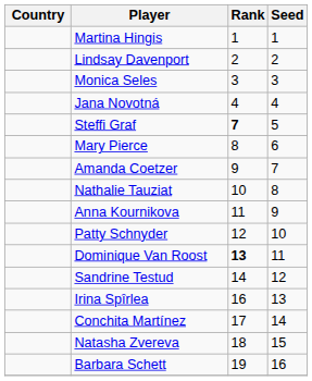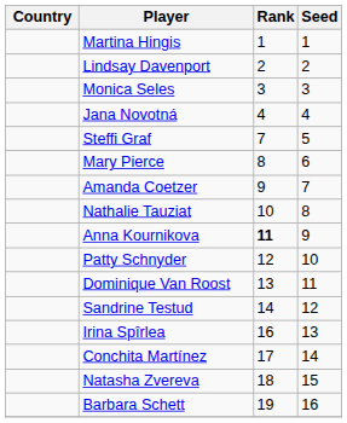 <table class="wikitable" border="1">
 <tr>
 <th width="70">Country</th>
 <th width="175">Player</th>
 <th>Rank</th>
 <th>Seed</th>
 </tr>
 <tr>
 <td></td>
 <td><a href='#'>Martina Hingis</a></td>
 <td>1</td>
 <td>1</td>
 </tr>
 <tr>
 <td></td>
 <td><a href='#'>Lindsay Davenport</a></td>
 <td>2</td>
 <td>2</td>
 </tr>
 <tr>
 <td></td>
 <td><a href='#'>Monica Seles</a></td>
 <td>3</td>
 <td>3</td>
 </tr>
 <tr>
 <td></td>
 <td><a href='#'>Jana Novotná</a></td>
 <td>4</td>
 <td>4</td>
 </tr>
 <tr>
 <td></td>
 <td><a href='#'>Steffi Graf</a></td>
-<td><strong>7</strong></td>
+<td>7</td>
 <td>5</td>
 </tr>
 <tr>
 <td></td>
 <td><a href='#'>Mary Pierce</a></td>
 <td>8</td>
 <td>6</td>
 </tr>
 <tr>
 <td></td>
 <td><a href='#'>Amanda Coetzer</a></td>
 <td>9</td>
 <td>7</td>
 </tr>
 <tr>
 <td></td>
 <td><a href='#'>Nathalie Tauziat</a></td>
 <td>10</td>
 <td>8</td>
 </tr>
 <tr>
 <td></td>
 <td><a href='#'>Anna Kournikova</a></td>
-<td>11</td>
+<td><strong>11</strong></td>
 <td>9</td>
 </tr>
 <tr>
 <td></td>
 <td><a href='#'>Patty Schnyder</a></td>
 <td>12</td>
 <td>10</td>
 </tr>
 <tr>
 <td></td>
 <td><a href='#'>Dominique Van Roost</a></td>
-<td><strong>13</strong></td>
+<td>13</td>
 <td>11</td>
 </tr>
 <tr>
 <td></td>
 <td><a href='#'>Sandrine Testud</a></td>
 <td>14</td>
 <td>12</td>
 </tr>
 <tr>
 <td></td>
 <td><a href='#'>Irina Spîrlea</a></td>
 <td>16</td>
 <td>13</td>
 </tr>
 <tr>
 <td></td>
 <td><a href='#'>Conchita Martínez</a></td>
 <td>17</td>
 <td>14</td>
 </tr>
 <tr>
 <td></td>
 <td><a href='#'>Natasha Zvereva</a></td>
 <td>18</td>
 <td>15</td>
 </tr>
 <tr>
 <td></td>
 <td><a href='#'>Barbara Schett</a></td>
 <td>19</td>
 <td>16</td>
 </tr>
 <tr>
 </tr>
 </table>
